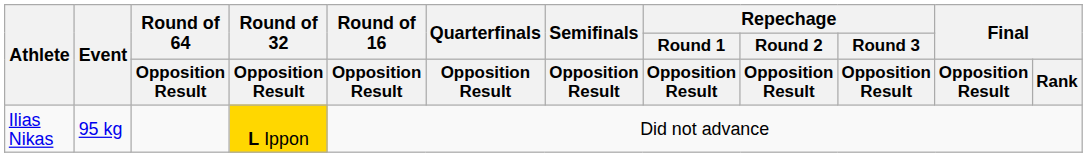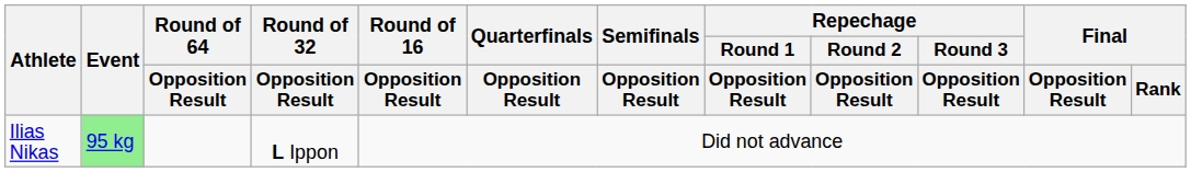 <table class="wikitable" style="font-size:90%">
 <tr>
 <th rowspan="3">Athlete</th>
 <th rowspan="3">Event</th>
 <th rowspan="2">Round of 64</th>
 <th rowspan="2">Round of 32</th>
 <th rowspan="2">Round of 16</th>
 <th rowspan="2">Quarterfinals</th>
 <th rowspan="2">Semifinals</th>
 <th colspan=3>Repechage</th>
 <th rowspan="2" colspan=2>Final</th>
 </tr>
 <tr style="font-size:95%">
 <th>Round 1</th>
 <th>Round 2</th>
 <th>Round 3</th>
 </tr>
 <tr style="font-size:95%">
 <th>Opposition<br>Result</th>
 <th>Opposition<br>Result</th>
 <th>Opposition<br>Result</th>
 <th>Opposition<br>Result</th>
 <th>Opposition<br>Result</th>
 <th>Opposition<br>Result</th>
 <th>Opposition<br>Result</th>
 <th>Opposition<br>Result</th>
 <th>Opposition<br>Result</th>
 <th>Rank</th>
 </tr>
 <tr align=center>
 <td align=left><a href='#'>Ilias Nikas</a></td>
-<td align=left><a href='#'>95 kg</a></td>
+<td align=left style="background: lightgreen;"><a href='#'>95 kg</a></td>
 <td></td>
-<td style="background: gold;"><br><strong>L</strong> Ippon</td>
+<td><br><strong>L</strong> Ippon</td>
 <td colspan=8>Did not advance</td>
 </tr>
 </table>
